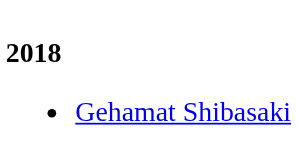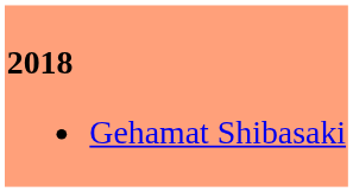 <table class="toccolours" style="border-collapse: collapse;">
 <tr>
 <td colspan=7 align="right"></td>
 </tr>
 <tr>
-<td valign="top"><br><strong>2018</strong><ul><li><a href='#'>Gehamat Shibasaki</a></li></ul></td>
+<td valign="top" style="background: lightsalmon;"><br><strong>2018</strong><ul><li><a href='#'>Gehamat Shibasaki</a></li></ul></td>
 <td width="35"> </td>
 <td valign="top"></td>
 </tr>
 </table>
